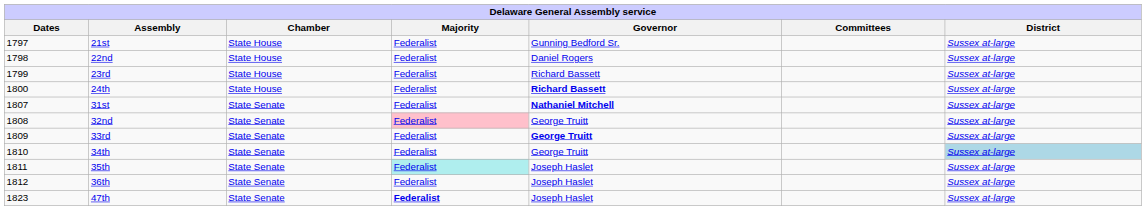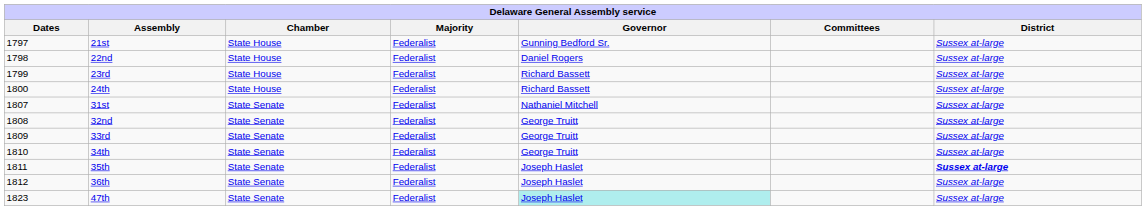 <table class=wikitable style="width: 94%" style="text-align: center;" align="center">
 <tr bgcolor=#cccccc>
 <th colspan=7 style="background: #ccccff;">Delaware General Assembly service</th>
 </tr>
 <tr>
 <th><strong>Dates</strong></th>
 <th><strong>Assembly</strong></th>
 <th><strong>Chamber</strong></th>
 <th><strong>Majority</strong></th>
 <th><strong>Governor</strong></th>
 <th><strong>Committees</strong></th>
 <th><strong>District</strong></th>
 </tr>
 <tr>
 <td>1797</td>
 <td><a href='#'>21st</a></td>
 <td><a href='#'>State House</a></td>
 <td><a href='#'>Federalist</a></td>
 <td><a href='#'>Gunning Bedford Sr.</a></td>
 <td></td>
 <td><a href='#'><em>Sussex at-large</em></a></td>
 </tr>
 <tr>
 <td>1798</td>
 <td><a href='#'>22nd</a></td>
 <td><a href='#'>State House</a></td>
 <td><a href='#'>Federalist</a></td>
 <td><a href='#'>Daniel Rogers</a></td>
 <td></td>
 <td><a href='#'><em>Sussex at-large</em></a></td>
 </tr>
 <tr>
 <td>1799</td>
 <td><a href='#'>23rd</a></td>
 <td><a href='#'>State House</a></td>
 <td><a href='#'>Federalist</a></td>
 <td><a href='#'>Richard Bassett</a></td>
 <td></td>
 <td><a href='#'><em>Sussex at-large</em></a></td>
 </tr>
 <tr>
 <td>1800</td>
 <td><a href='#'>24th</a></td>
 <td><a href='#'>State House</a></td>
 <td><a href='#'>Federalist</a></td>
-<td><strong><a href='#'>Richard Bassett</a></strong></td>
+<td><a href='#'>Richard Bassett</a></td>
 <td></td>
 <td><a href='#'><em>Sussex at-large</em></a></td>
 </tr>
 <tr>
 <td>1807</td>
 <td><a href='#'>31st</a></td>
 <td><a href='#'>State Senate</a></td>
 <td><a href='#'>Federalist</a></td>
-<td><strong><a href='#'>Nathaniel Mitchell</a></strong></td>
+<td><a href='#'>Nathaniel Mitchell</a></td>
 <td></td>
 <td><a href='#'><em>Sussex at-large</em></a></td>
 </tr>
 <tr>
 <td>1808</td>
 <td><a href='#'>32nd</a></td>
 <td><a href='#'>State Senate</a></td>
-<td style="background: pink;"><a href='#'>Federalist</a></td>
+<td><a href='#'>Federalist</a></td>
 <td><a href='#'>George Truitt</a></td>
 <td></td>
 <td><a href='#'><em>Sussex at-large</em></a></td>
 </tr>
 <tr>
 <td>1809</td>
 <td><a href='#'>33rd</a></td>
 <td><a href='#'>State Senate</a></td>
 <td><a href='#'>Federalist</a></td>
-<td><strong><a href='#'>George Truitt</a></strong></td>
+<td><a href='#'>George Truitt</a></td>
 <td></td>
 <td><a href='#'><em>Sussex at-large</em></a></td>
 </tr>
 <tr>
 <td>1810</td>
 <td><a href='#'>34th</a></td>
 <td><a href='#'>State Senate</a></td>
 <td><a href='#'>Federalist</a></td>
 <td><a href='#'>George Truitt</a></td>
 <td></td>
-<td style="background: lightblue;"><a href='#'><em>Sussex at-large</em></a></td>
+<td><a href='#'><em>Sussex at-large</em></a></td>
 </tr>
 <tr>
 <td>1811</td>
 <td><a href='#'>35th</a></td>
 <td><a href='#'>State Senate</a></td>
-<td style="background: paleturquoise;"><a href='#'>Federalist</a></td>
+<td><a href='#'>Federalist</a></td>
 <td><a href='#'>Joseph Haslet</a></td>
 <td></td>
-<td><a href='#'><em>Sussex at-large</em></a></td>
+<td><strong><a href='#'><em>Sussex at-large</em></a></strong></td>
 </tr>
 <tr>
 <td>1812</td>
 <td><a href='#'>36th</a></td>
 <td><a href='#'>State Senate</a></td>
 <td><a href='#'>Federalist</a></td>
 <td><a href='#'>Joseph Haslet</a></td>
 <td></td>
 <td><a href='#'><em>Sussex at-large</em></a></td>
 </tr>
 <tr>
 <td>1823</td>
 <td><a href='#'>47th</a></td>
 <td><a href='#'>State Senate</a></td>
-<td><strong><a href='#'>Federalist</a></strong></td>
-<td><a href='#'>Joseph Haslet</a></td>
+<td><a href='#'>Federalist</a></td>
+<td style="background: paleturquoise;"><a href='#'>Joseph Haslet</a></td>
 <td></td>
 <td><a href='#'><em>Sussex at-large</em></a></td>
 </tr>
 </table>
